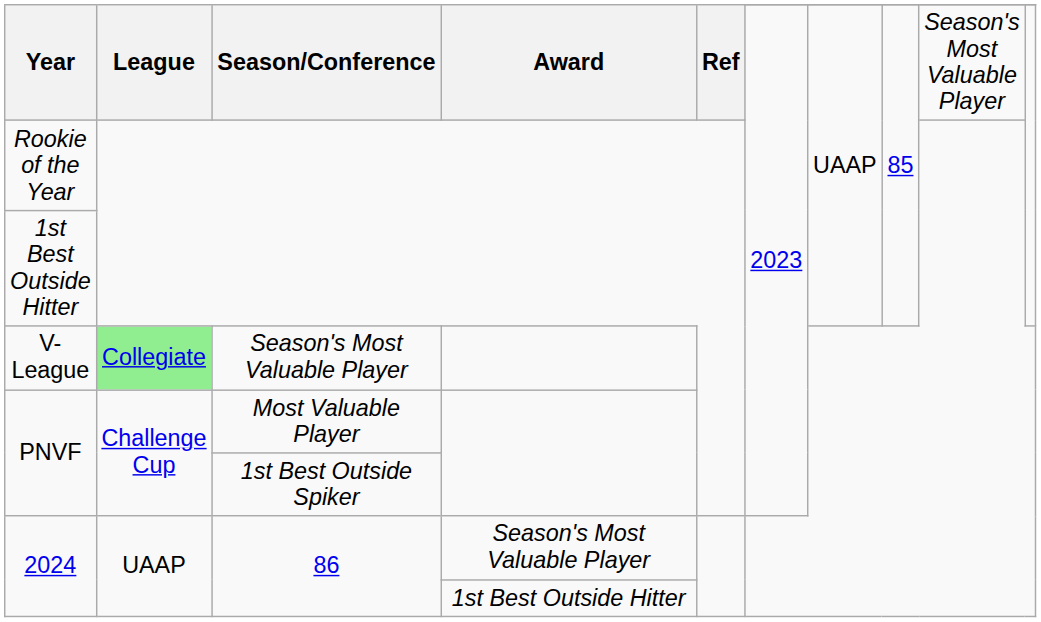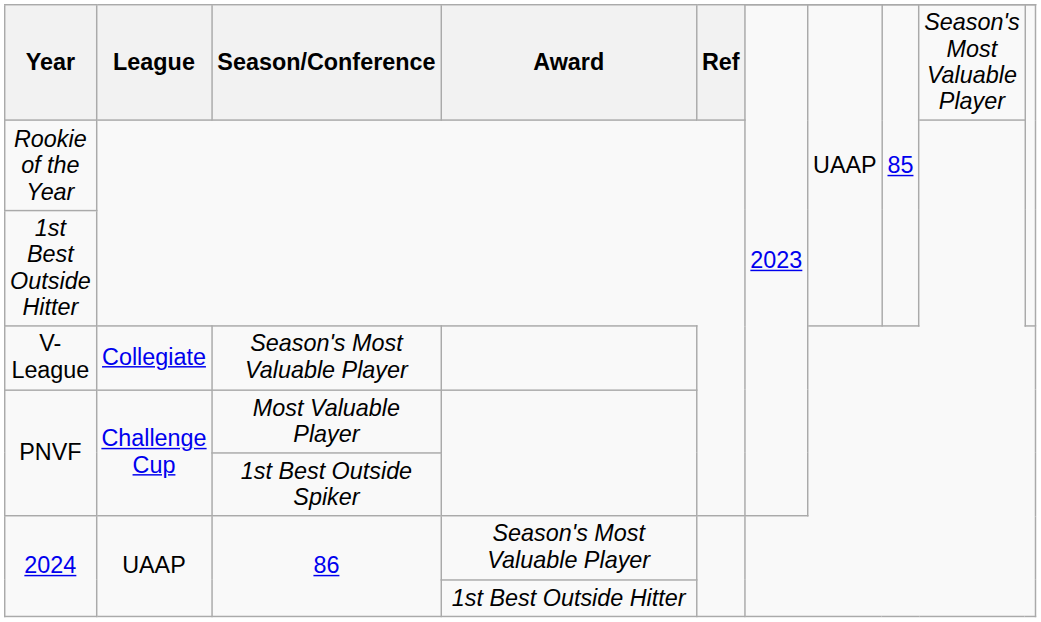 <table class="wikitable sortable" style="text-align:center" width="80%">
 <tr>
 <th style="width:5px;" rowspan="2">Year</th>
 <th style="width:25px;" rowspan="2">League</th>
 <th style="width:100px;" rowspan="2">Season/Conference</th>
 <th style="width:180px;" rowspan="2">Award</th>
 <th style="width:25px;" rowspan="2">Ref</th>
 </tr>
 <tr align=center>
 <td rowspan=6><a href='#'>2023</a></td>
 <td rowspan=3>UAAP</td>
 <td rowspan=3><a href='#'>85</a></td>
 <td><em>Season's Most Valuable Player</em></td>
 <td rowspan=3></td>
 </tr>
 <tr align=center>
 <td><em>Rookie of the Year</em></td>
 </tr>
 <tr align=center>
 <td><em>1st Best Outside Hitter</em></td>
 </tr>
 <tr align=center>
 <td>V-League</td>
-<td style="background: lightgreen;"><a href='#'>Collegiate</a></td>
+<td><a href='#'>Collegiate</a></td>
 <td><em>Season's Most Valuable Player</em></td>
 <td></td>
 </tr>
 <tr align=center>
 <td rowspan=2>PNVF</td>
 <td rowspan=2><a href='#'>Challenge Cup</a></td>
 <td><em>Most Valuable Player</em></td>
 <td rowspan=2></td>
 </tr>
 <tr align=center>
 <td><em>1st Best Outside Spiker</em></td>
 </tr>
 <tr align=center>
 <td rowspan=2><a href='#'>2024</a></td>
 <td rowspan=2>UAAP</td>
 <td rowspan=2><a href='#'>86</a></td>
 <td><em>Season's Most Valuable Player</em></td>
 <td rowspan=2></td>
 </tr>
 <tr align=center>
 <td><em>1st Best Outside Hitter</em></td>
 </tr>
 </table>
